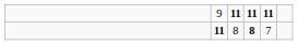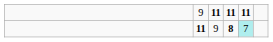 <table class="wikitable">
 <tr>
 <td style="width:18em"></td>
 <td align=center style="width:1em">9</td>
 <td align=center style="width:1em"><strong>11</strong></td>
 <td align=center style="width:1em"><strong>11</strong></td>
 <td align=center style="width:1em"><strong>11</strong></td>
 <td align=center style="width:1em"></td>
 </tr>
 <tr>
 <td style="width:18em"></td>
 <td align=center style="width:1em"><strong>11</strong></td>
-<td align=center style="width:1em">8</td>
+<td align=center style="width:1em">9</td>
 <td align=center style="width:1em"><strong>8</strong></td>
-<td align=center style="width:1em">7</td>
+<td align=center style="background: paleturquoise; width:1em">7</td>
 <td align=center style="width:1em"></td>
 </tr>
 </table>
